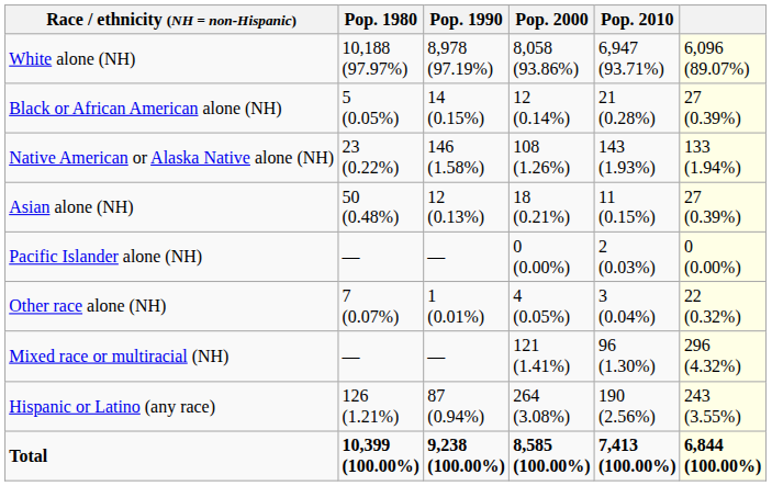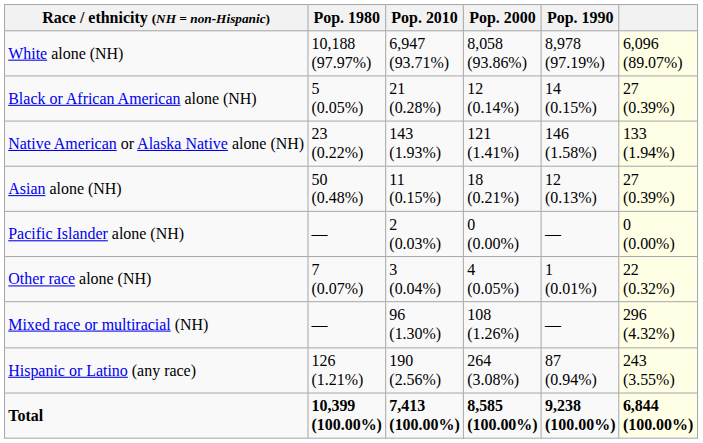 <table class="wikitable sortable collapsible" style="font-size: 95%;">
 <tr>
 <th>Race / ethnicity <small>(<em>NH = non-Hispanic</em>)</small></th>
 <th>Pop. 1980</th>
+<th>Pop. 2010</th>
+<th>Pop. 2000</th>
 <th>Pop. 1990</th>
-<th>Pop. 2000</th>
-<th>Pop. 2010</th>
 <th></th>
 </tr>
 <tr>
 <td><a href='#'>White</a> alone (NH)</td>
 <td>10,188<br>(97.97%)</td>
+<td>6,947<br>(93.71%)</td>
+<td>8,058<br>(93.86%)</td>
 <td>8,978<br>(97.19%)</td>
-<td>8,058<br>(93.86%)</td>
-<td>6,947<br>(93.71%)</td>
 <td style='background: #ffffe6;'>6,096<br>(89.07%)</td>
 </tr>
 <tr>
 <td><a href='#'>Black or African American</a> alone (NH)</td>
 <td>5<br>(0.05%)</td>
+<td>21<br>(0.28%)</td>
+<td>12<br>(0.14%)</td>
 <td>14<br>(0.15%)</td>
-<td>12<br>(0.14%)</td>
-<td>21<br>(0.28%)</td>
 <td style='background: #ffffe6;'>27<br>(0.39%)</td>
 </tr>
 <tr>
 <td><a href='#'>Native American</a> or <a href='#'>Alaska Native</a> alone (NH)</td>
 <td>23<br>(0.22%)</td>
+<td>143<br>(1.93%)</td>
+<td>121<br>(1.41%)</td>
 <td>146<br>(1.58%)</td>
-<td>108<br>(1.26%)</td>
-<td>143<br>(1.93%)</td>
 <td style='background: #ffffe6;'>133<br>(1.94%)</td>
 </tr>
 <tr>
 <td><a href='#'>Asian</a> alone (NH)</td>
 <td>50<br>(0.48%)</td>
+<td>11<br>(0.15%)</td>
+<td>18<br>(0.21%)</td>
 <td>12<br>(0.13%)</td>
-<td>18<br>(0.21%)</td>
-<td>11<br>(0.15%)</td>
 <td style='background: #ffffe6;'>27<br>(0.39%)</td>
 </tr>
 <tr>
 <td><a href='#'>Pacific Islander</a> alone (NH)</td>
 <td>—</td>
+<td>2<br>(0.03%)</td>
+<td>0<br>(0.00%)</td>
 <td>—</td>
-<td>0<br>(0.00%)</td>
-<td>2<br>(0.03%)</td>
 <td style='background: #ffffe6;'>0<br>(0.00%)</td>
 </tr>
 <tr>
 <td><a href='#'>Other race</a> alone (NH)</td>
 <td>7<br>(0.07%)</td>
+<td>3<br>(0.04%)</td>
+<td>4<br>(0.05%)</td>
 <td>1<br>(0.01%)</td>
-<td>4<br>(0.05%)</td>
-<td>3<br>(0.04%)</td>
 <td style='background: #ffffe6;'>22<br>(0.32%)</td>
 </tr>
 <tr>
 <td><a href='#'>Mixed race or multiracial</a> (NH)</td>
 <td>—</td>
+<td>96<br>(1.30%)</td>
+<td>108<br>(1.26%)</td>
 <td>—</td>
-<td>121<br>(1.41%)</td>
-<td>96<br>(1.30%)</td>
 <td style='background: #ffffe6;'>296<br>(4.32%)</td>
 </tr>
 <tr>
 <td><a href='#'>Hispanic or Latino</a> (any race)</td>
 <td>126<br>(1.21%)</td>
+<td>190<br>(2.56%)</td>
+<td>264<br>(3.08%)</td>
 <td>87<br>(0.94%)</td>
-<td>264<br>(3.08%)</td>
-<td>190<br>(2.56%)</td>
 <td style='background: #ffffe6;'>243<br>(3.55%)</td>
 </tr>
 <tr>
 <td><strong>Total</strong></td>
 <td><strong>10,399<br>(100.00%)</strong></td>
+<td><strong>7,413<br>(100.00%)</strong></td>
+<td><strong>8,585<br>(100.00%)</strong></td>
 <td><strong>9,238<br>(100.00%)</strong></td>
-<td><strong>8,585<br>(100.00%)</strong></td>
-<td><strong>7,413<br>(100.00%)</strong></td>
 <td style='background: #ffffe6;'><strong>6,844<br>(100.00%)</strong></td>
 </tr>
 </table>
